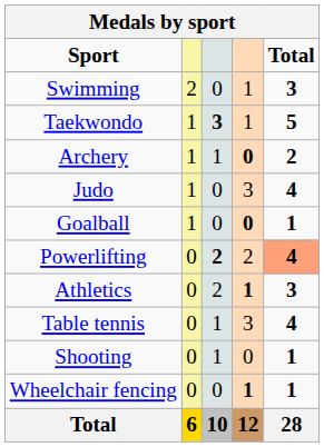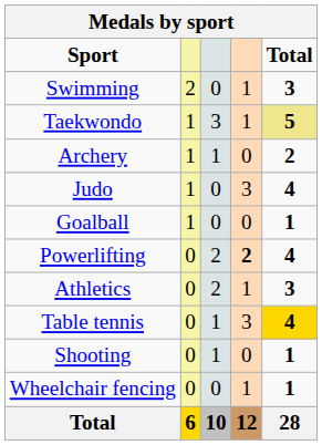 <table class=wikitable style="font-size:127%">
 <tr bgcolor=efefef>
 <th colspan=7>Medals by sport</th>
 </tr>
 <tr align=center>
 <td><strong>Sport</strong></td>
 <td bgcolor=f7f6a8></td>
 <td bgcolor=dce5e5></td>
 <td bgcolor=ffdab9></td>
 <td><strong>Total</strong></td>
 </tr>
 <tr align=center>
 <td><a href='#'>Swimming</a></td>
 <td style="background:#F7F6A8;">2</td>
 <td style="background:#DCE5E5;">0</td>
 <td style="background:#FFDAB9;">1</td>
 <td><strong>3</strong></td>
 </tr>
 <tr align=center>
 <td><a href='#'>Taekwondo</a></td>
 <td style="background:#F7F6A8;">1</td>
-<td style="background:#DCE5E5;"><strong>3</strong></td>
+<td style="background:#DCE5E5;">3</td>
 <td style="background:#FFDAB9;">1</td>
-<td><strong>5</strong></td>
+<td style="background: khaki;"><strong>5</strong></td>
 </tr>
 <tr align=center>
 <td><a href='#'>Archery</a></td>
 <td style="background:#F7F6A8;">1</td>
 <td style="background:#DCE5E5;">1</td>
-<td style="background:#FFDAB9;"><strong>0</strong></td>
+<td style="background:#FFDAB9;">0</td>
 <td><strong>2</strong></td>
 </tr>
 <tr align=center>
 <td><a href='#'>Judo</a></td>
 <td style="background:#F7F6A8;">1</td>
 <td style="background:#DCE5E5;">0</td>
 <td style="background:#FFDAB9;">3</td>
 <td><strong>4</strong></td>
 </tr>
 <tr align=center>
 <td><a href='#'>Goalball</a></td>
 <td style="background:#F7F6A8;">1</td>
 <td style="background:#DCE5E5;">0</td>
-<td style="background:#FFDAB9;"><strong>0</strong></td>
+<td style="background:#FFDAB9;">0</td>
 <td><strong>1</strong></td>
 </tr>
 <tr align=center>
 <td><a href='#'>Powerlifting</a></td>
 <td style="background:#F7F6A8;">0</td>
-<td style="background:#DCE5E5;"><strong>2</strong></td>
-<td style="background:#FFDAB9;">2</td>
-<td style="background: lightsalmon;"><strong>4</strong></td>
+<td style="background:#DCE5E5;">2</td>
+<td style="background:#FFDAB9;"><strong>2</strong></td>
+<td><strong>4</strong></td>
 </tr>
 <tr align=center>
 <td><a href='#'>Athletics</a></td>
 <td style="background:#F7F6A8;">0</td>
 <td style="background:#DCE5E5;">2</td>
-<td style="background:#FFDAB9;"><strong>1</strong></td>
+<td style="background:#FFDAB9;">1</td>
 <td><strong>3</strong></td>
 </tr>
 <tr align=center>
 <td><a href='#'>Table tennis</a></td>
 <td style="background:#F7F6A8;">0</td>
 <td style="background:#DCE5E5;">1</td>
 <td style="background:#FFDAB9;">3</td>
-<td><strong>4</strong></td>
+<td style="background: gold;"><strong>4</strong></td>
 </tr>
 <tr align=center>
 <td><a href='#'>Shooting</a></td>
 <td style="background:#F7F6A8;">0</td>
 <td style="background:#DCE5E5;">1</td>
 <td style="background:#FFDAB9;">0</td>
 <td><strong>1</strong></td>
 </tr>
 <tr align=center>
 <td><a href='#'>Wheelchair fencing</a></td>
 <td style="background:#F7F6A8;">0</td>
 <td style="background:#DCE5E5;">0</td>
-<td style="background:#FFDAB9;"><strong>1</strong></td>
+<td style="background:#FFDAB9;">1</td>
 <td><strong>1</strong></td>
 </tr>
 <tr align=center>
 <th>Total</th>
 <th style="background:gold;">6</th>
 <th style="background:silver;">10</th>
 <th style="background:#c96;">12</th>
 <th>28</th>
 </tr>
 </table>
